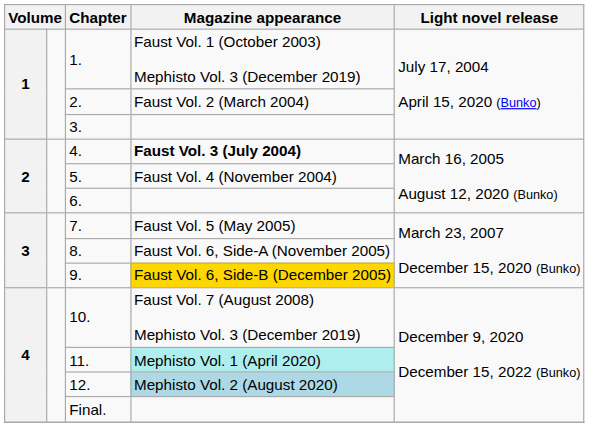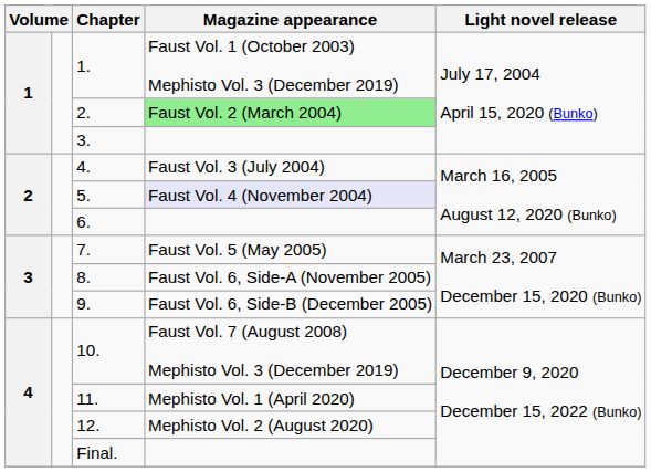 <table class="wikitable" style="font-size:small">
 <tr>
 <th colspan="2">Volume</th>
 <th>Chapter</th>
 <th>Magazine appearance</th>
 <th>Light novel release</th>
 </tr>
 <tr>
 <th rowspan="3">1</th>
 <td rowspan="3"></td>
 <td>1. </td>
 <td>Faust Vol. 1 (October 2003)<br><br>Mephisto Vol. 3 (December 2019)</td>
 <td rowspan="3">July 17, 2004<br><br>April 15, 2020 <small>(<a href='#'>Bunko</a>)</small><br></td>
 </tr>
 <tr>
 <td>2. </td>
-<td>Faust Vol. 2 (March 2004)<br></td>
+<td style="background: lightgreen;">Faust Vol. 2 (March 2004)<br></td>
 </tr>
 <tr>
 <td>3. </td>
 <td></td>
 </tr>
 <tr>
 <th rowspan="3">2</th>
 <td rowspan="3"></td>
 <td>4.  </td>
-<td><strong>Faust Vol. 3 (July 2004)<br></strong></td>
+<td>Faust Vol. 3 (July 2004)<br></td>
 <td rowspan="3">March 16, 2005<br><br>August 12, 2020 <small>(Bunko)</small><br></td>
 </tr>
 <tr>
 <td>5. </td>
-<td>Faust Vol. 4 (November 2004)<br></td>
+<td style="background: lavender;">Faust Vol. 4 (November 2004)<br></td>
 </tr>
 <tr>
 <td>6. </td>
 <td></td>
 </tr>
 <tr>
 <th rowspan="3">3</th>
 <td rowspan="3"></td>
 <td>7. </td>
 <td>Faust Vol. 5 (May 2005)<br></td>
 <td rowspan="3">March 23, 2007<br><br>December 15, 2020 <small>(Bunko)</small><br></td>
 </tr>
 <tr>
 <td>8. </td>
 <td>Faust Vol. 6, Side-A (November 2005)<br></td>
 </tr>
 <tr>
 <td>9. </td>
-<td style="background: gold;">Faust Vol. 6, Side-B (December 2005)<br></td>
+<td>Faust Vol. 6, Side-B (December 2005)<br></td>
 </tr>
 <tr>
 <th rowspan="4">4</th>
 <td rowspan="4"></td>
 <td>10. </td>
 <td>Faust Vol. 7 (August 2008)<br><br>Mephisto Vol. 3 (December 2019)</td>
 <td rowspan="4">December 9, 2020<br><br>December 15, 2022 <small>(Bunko)</small><br></td>
 </tr>
 <tr>
 <td>11. </td>
-<td style="background: paleturquoise;">Mephisto Vol. 1 (April 2020)</td>
+<td>Mephisto Vol. 1 (April 2020)</td>
 </tr>
 <tr>
 <td>12. </td>
-<td style="background: lightblue;">Mephisto Vol. 2 (August 2020)</td>
+<td>Mephisto Vol. 2 (August 2020)</td>
 </tr>
 <tr>
 <td>Final. </td>
 <td></td>
 </tr>
 <tr>
 </tr>
 </table>
